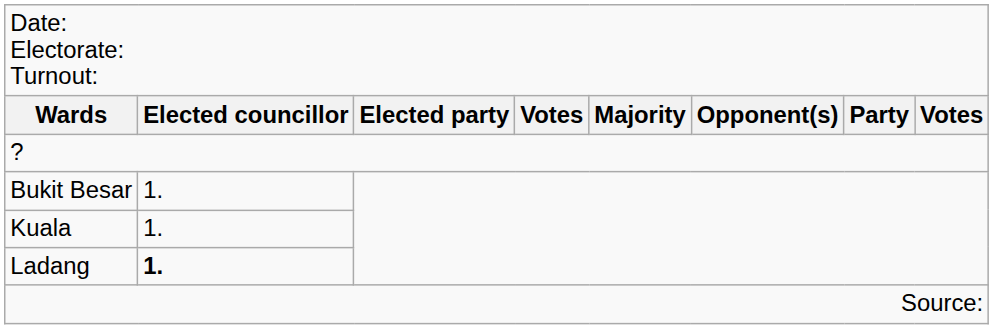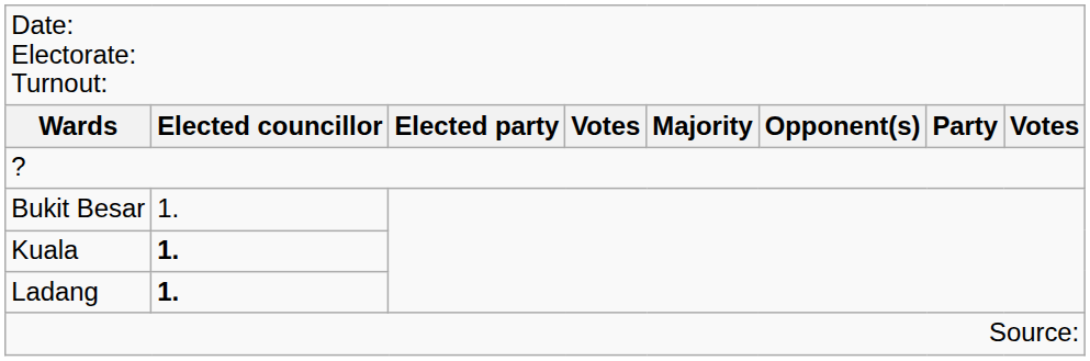 <table class=wikitable>
 <tr>
 <td colspan=8>Date: <br>Electorate: <br>Turnout:</td>
 </tr>
 <tr>
 <th>Wards</th>
 <th>Elected councillor</th>
 <th>Elected party</th>
 <th>Votes</th>
 <th>Majority</th>
 <th>Opponent(s)</th>
 <th>Party</th>
 <th>Votes</th>
 </tr>
 <tr>
 <td colspan=8>? </td>
 </tr>
 <tr>
 <td>Bukit Besar</td>
 <td>1.</td>
 </tr>
 <tr>
 <td>Kuala</td>
-<td>1.</td>
+<td><strong>1.</strong></td>
 </tr>
 <tr>
 <td>Ladang</td>
 <td><strong>1.</strong></td>
 </tr>
 <tr>
 <td colspan=8 align=right>Source:</td>
 </tr>
 </table>
